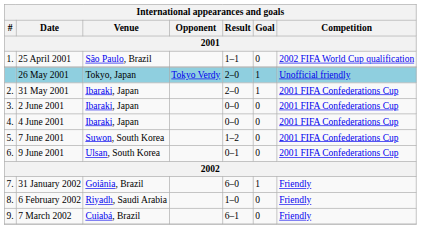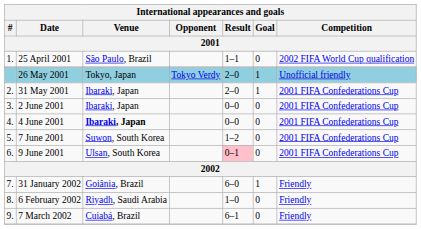 <table class="wikitable collapsible collapsed" style="font-size:90%">
 <tr>
 <th colspan="7"><strong>International appearances and goals</strong></th>
 </tr>
 <tr>
 <th>#</th>
 <th>Date</th>
 <th>Venue</th>
 <th>Opponent</th>
 <th>Result</th>
 <th>Goal</th>
 <th>Competition</th>
 </tr>
 <tr>
 <th colspan="7"><strong>2001</strong></th>
 </tr>
 <tr>
 <td>1.</td>
 <td>25 April 2001</td>
 <td><a href='#'>São Paulo</a>, Brazil</td>
 <td></td>
 <td>1–1</td>
 <td>0</td>
 <td><a href='#'>2002 FIFA World Cup qualification</a></td>
 </tr>
 <tr>
 </tr>
 <tr style="background-color:#8fcfdf">
 <td></td>
 <td>26 May 2001</td>
 <td>Tokyo, Japan</td>
 <td> <a href='#'>Tokyo Verdy</a></td>
 <td>2–0</td>
 <td>1</td>
 <td><a href='#'>Unofficial friendly</a></td>
 </tr>
 <tr>
 <td>2.</td>
 <td>31 May 2001</td>
 <td><a href='#'>Ibaraki</a>, Japan</td>
 <td></td>
 <td>2–0</td>
 <td>1</td>
 <td><a href='#'>2001 FIFA Confederations Cup</a></td>
 </tr>
 <tr>
 <td>3.</td>
 <td>2 June 2001</td>
 <td><a href='#'>Ibaraki</a>, Japan</td>
 <td></td>
 <td>0–0</td>
 <td>0</td>
 <td><a href='#'>2001 FIFA Confederations Cup</a></td>
 </tr>
 <tr>
 <td>4.</td>
 <td>4 June 2001</td>
-<td><a href='#'>Ibaraki</a>, Japan</td>
+<td><strong><a href='#'>Ibaraki</a>, Japan</strong></td>
 <td></td>
 <td>0–0</td>
 <td>0</td>
 <td><a href='#'>2001 FIFA Confederations Cup</a></td>
 </tr>
 <tr>
 <td>5.</td>
 <td>7 June 2001</td>
 <td><a href='#'>Suwon</a>, South Korea</td>
 <td></td>
 <td>1–2</td>
 <td>0</td>
 <td><a href='#'>2001 FIFA Confederations Cup</a></td>
 </tr>
 <tr>
 <td>6.</td>
 <td>9 June 2001</td>
 <td><a href='#'>Ulsan</a>, South Korea</td>
 <td></td>
-<td>0–1</td>
+<td style="background: pink;">0–1</td>
 <td>0</td>
 <td><a href='#'>2001 FIFA Confederations Cup</a></td>
 </tr>
 <tr>
 <th colspan="7"><strong>2002</strong></th>
 </tr>
 <tr>
 <td>7.</td>
 <td>31 January 2002</td>
 <td><a href='#'>Goiânia</a>, Brazil</td>
 <td></td>
 <td>6–0</td>
 <td>1</td>
 <td><a href='#'>Friendly</a></td>
 </tr>
 <tr>
 <td>8.</td>
 <td>6 February 2002</td>
 <td><a href='#'>Riyadh</a>, Saudi Arabia</td>
 <td></td>
 <td>1–0</td>
 <td>0</td>
 <td><a href='#'>Friendly</a></td>
 </tr>
 <tr>
 <td>9.</td>
 <td>7 March 2002</td>
 <td><a href='#'>Cuiabá</a>, Brazil</td>
 <td></td>
 <td>6–1</td>
 <td>0</td>
 <td><a href='#'>Friendly</a></td>
 </tr>
 <tr>
 </tr>
 </table>
